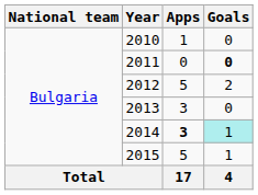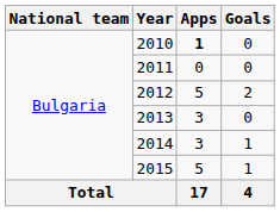 <table class="wikitable" style="text-align:center">
 <tr>
 <th>National team</th>
 <th>Year</th>
 <th>Apps</th>
 <th>Goals</th>
 </tr>
 <tr>
 <td rowspan="6"><a href='#'>Bulgaria</a></td>
 <td>2010</td>
-<td>1</td>
+<td><strong>1</strong></td>
 <td>0</td>
 </tr>
 <tr>
 <td>2011</td>
 <td>0</td>
-<td><strong>0</strong></td>
+<td>0</td>
 </tr>
 <tr>
 <td>2012</td>
 <td>5</td>
 <td>2</td>
 </tr>
 <tr>
 <td>2013</td>
 <td>3</td>
 <td>0</td>
 </tr>
 <tr>
 <td>2014</td>
-<td><strong>3</strong></td>
-<td style="background: paleturquoise;">1</td>
+<td>3</td>
+<td>1</td>
 </tr>
 <tr>
 <td>2015</td>
 <td>5</td>
 <td>1</td>
 </tr>
 <tr>
 <th colspan="2">Total</th>
 <th>17</th>
 <th>4</th>
 </tr>
 </table>
